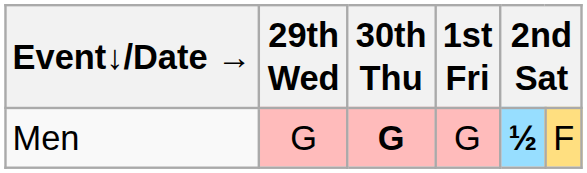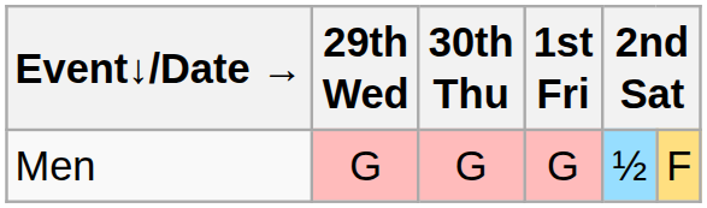 <table class="wikitable" style="margin:0.5em auto; font-size:90%; line-height:1.25em; text-align:center;">
 <tr>
 <th>Event↓/Date →</th>
 <th>29th<br>Wed</th>
 <th>30th<br>Thu</th>
 <th>1st<br>Fri</th>
 <th colspan=2>2nd<br>Sat</th>
 </tr>
 <tr>
 <td style="text-align:left;">Men</td>
 <td bgcolor="#FFBBBB">G</td>
-<td bgcolor="#FFBBBB"><strong>G</strong></td>
 <td bgcolor="#FFBBBB">G</td>
-<td bgcolor="#97DEFF"><strong>½</strong></td>
+<td bgcolor="#FFBBBB">G</td>
+<td bgcolor="#97DEFF">½</td>
 <td bgcolor="#FFDF80">F</td>
 </tr>
 </table>
